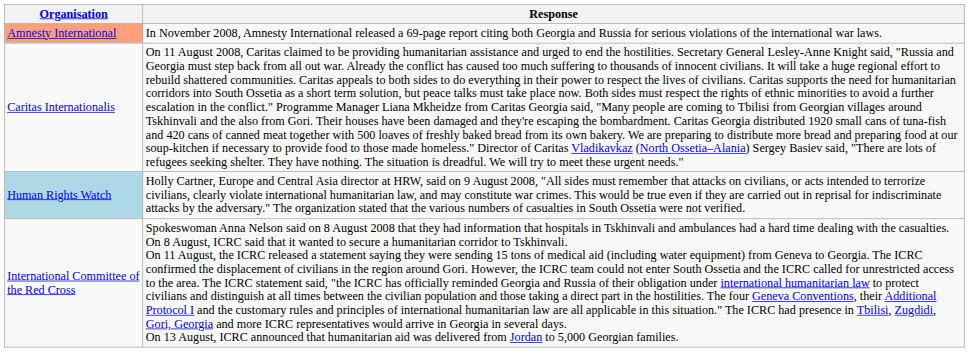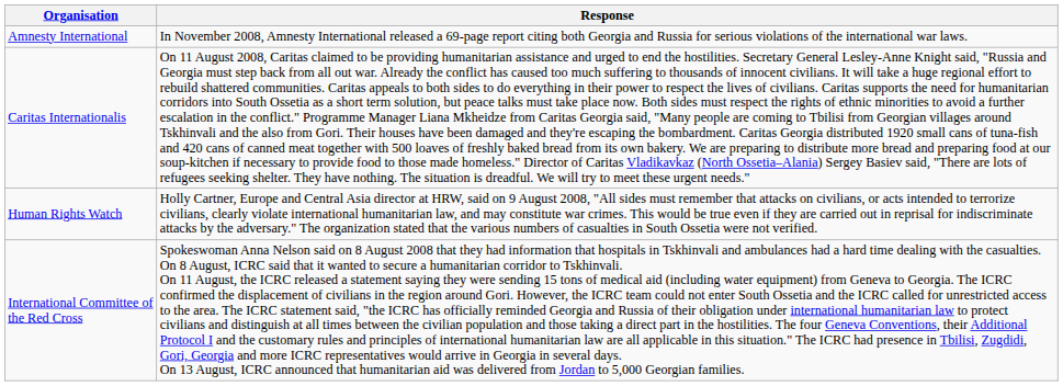 <table class="wikitable" style="margin:auto; width:100%;">
 <tr>
 <th style="width:175px;"><a href='#'>Organisation</a></th>
 <th>Response</th>
 </tr>
 <tr>
-<td style="background: lightsalmon;"><a href='#'>Amnesty International</a></td>
+<td><a href='#'>Amnesty International</a></td>
 <td>In November 2008, Amnesty International released a 69-page report citing both Georgia and Russia for serious violations of the international war laws.</td>
 </tr>
 <tr>
 <td><a href='#'>Caritas Internationalis</a></td>
 <td>On 11 August 2008, Caritas claimed to be providing humanitarian assistance and urged to end the hostilities. Secretary General Lesley-Anne Knight said, "Russia and Georgia must step back from all out war. Already the conflict has caused too much suffering to thousands of innocent civilians. It will take a huge regional effort to rebuild shattered communities. Caritas appeals to both sides to do everything in their power to respect the lives of civilians. Caritas supports the need for humanitarian corridors into South Ossetia as a short term solution, but peace talks must take place now. Both sides must respect the rights of ethnic minorities to avoid a further escalation in the conflict." Programme Manager Liana Mkheidze from Caritas Georgia said, "Many people are coming to Tbilisi from Georgian villages around Tskhinvali and the also from Gori. Their houses have been damaged and they're escaping the bombardment. Caritas Georgia distributed 1920 small cans of tuna-fish and 420 cans of canned meat together with 500 loaves of freshly baked bread from its own bakery. We are preparing to distribute more bread and preparing food at our soup-kitchen if necessary to provide food to those made homeless." Director of Caritas <a href='#'>Vladikavkaz</a> (<a href='#'>North Ossetia–Alania</a>) Sergey Basiev said, "There are lots of refugees seeking shelter. They have nothing. The situation is dreadful. We will try to meet these urgent needs."</td>
 </tr>
 <tr>
-<td style="background: lightblue;"><a href='#'>Human Rights Watch</a></td>
+<td><a href='#'>Human Rights Watch</a></td>
 <td>Holly Cartner, Europe and Central Asia director at HRW, said on 9 August 2008, "All sides must remember that attacks on civilians, or acts intended to terrorize civilians, clearly violate international humanitarian law, and may constitute war crimes. This would be true even if they are carried out in reprisal for indiscriminate attacks by the adversary." The organization stated that the various numbers of casualties in South Ossetia were not verified.</td>
 </tr>
 <tr>
 <td> <a href='#'>International Committee of the Red Cross</a></td>
 <td>Spokeswoman Anna Nelson said on 8 August 2008 that they had information that hospitals in Tskhinvali and ambulances had a hard time dealing with the casualties.<br>On 8 August, ICRC said that it wanted to secure a humanitarian corridor to Tskhinvali.<br>On 11 August, the ICRC released a statement saying they were sending 15 tons of medical aid (including water equipment) from Geneva to Georgia. The ICRC confirmed the displacement of civilians in the region around Gori. However, the ICRC team could not enter South Ossetia and the ICRC called for unrestricted access to the area. The ICRC statement said, "the ICRC has officially reminded Georgia and Russia of their obligation under <a href='#'>international humanitarian law</a> to protect civilians and distinguish at all times between the civilian population and those taking a direct part in the hostilities. The four <a href='#'>Geneva Conventions</a>, their <a href='#'>Additional Protocol I</a> and the customary rules and principles of international humanitarian law are all applicable in this situation." The ICRC had presence in <a href='#'>Tbilisi</a>, <a href='#'>Zugdidi</a>, <a href='#'>Gori, Georgia</a> and more ICRC representatives would arrive in Georgia in several days.<br>On 13 August, ICRC announced that humanitarian aid was delivered from <a href='#'>Jordan</a> to 5,000 Georgian families.</td>
 </tr>
 </table>
